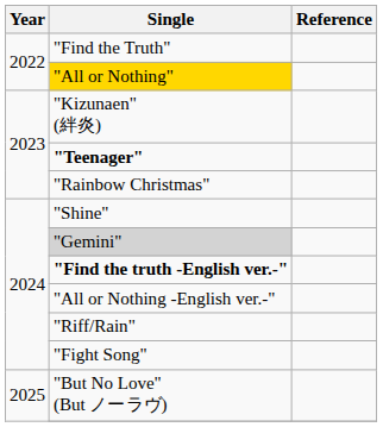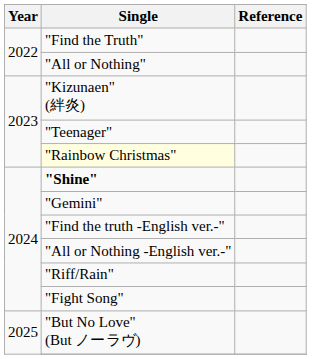 <table class="wikitable plainrowheaders" style="text-align:center;">
 <tr>
 <th scope="col">Year</th>
 <th scope="col">Single</th>
 <th scope="col">Reference</th>
 </tr>
 <tr>
 <td rowspan="2">2022</td>
 <td style="text-align:left;">"Find the Truth"<br></td>
 <td></td>
 </tr>
 <tr>
-<td style="background: gold; text-align:left;">"All or Nothing"<br></td>
+<td style="text-align:left;">"All or Nothing"<br></td>
 <td></td>
 </tr>
 <tr>
 <td rowspan="3">2023</td>
 <td style="text-align:left;">"Kizunaen"<br> (絆炎)</td>
 <td></td>
 </tr>
 <tr>
-<td style="text-align:left;"><strong>"Teenager"<br></strong></td>
+<td style="text-align:left;">"Teenager"<br></td>
 <td></td>
 </tr>
 <tr>
-<td style="text-align:left;">"Rainbow Christmas"<br></td>
+<td style="background: lightyellow; text-align:left;">"Rainbow Christmas"<br></td>
 <td></td>
 </tr>
 <tr>
 <td rowspan="6">2024</td>
-<td style="text-align:left;">"Shine"<br></td>
+<td style="text-align:left;"><strong>"Shine"<br></strong></td>
 <td></td>
 </tr>
 <tr>
-<td style="background: lightgrey; text-align:left;">"Gemini"<br></td>
+<td style="text-align:left;">"Gemini"<br></td>
 <td></td>
 </tr>
 <tr>
-<td style="text-align:left;"><strong>"Find the truth -English ver.-"<br></strong></td>
+<td style="text-align:left;">"Find the truth -English ver.-"<br></td>
 <td></td>
 </tr>
 <tr>
 <td style="text-align:left;">"All or Nothing -English ver.-"<br></td>
 <td></td>
 </tr>
 <tr>
 <td style="text-align:left;">"Riff/Rain"<br></td>
 <td></td>
 </tr>
 <tr>
 <td style="text-align:left;">"Fight Song"<br></td>
 <td></td>
 </tr>
 <tr>
 <td rowspan="6">2025</td>
 <td style="text-align:left;">"But No Love"<br> (But ノーラヴ)</td>
 <td></td>
 </tr>
 <tr>
 </tr>
 </table>
